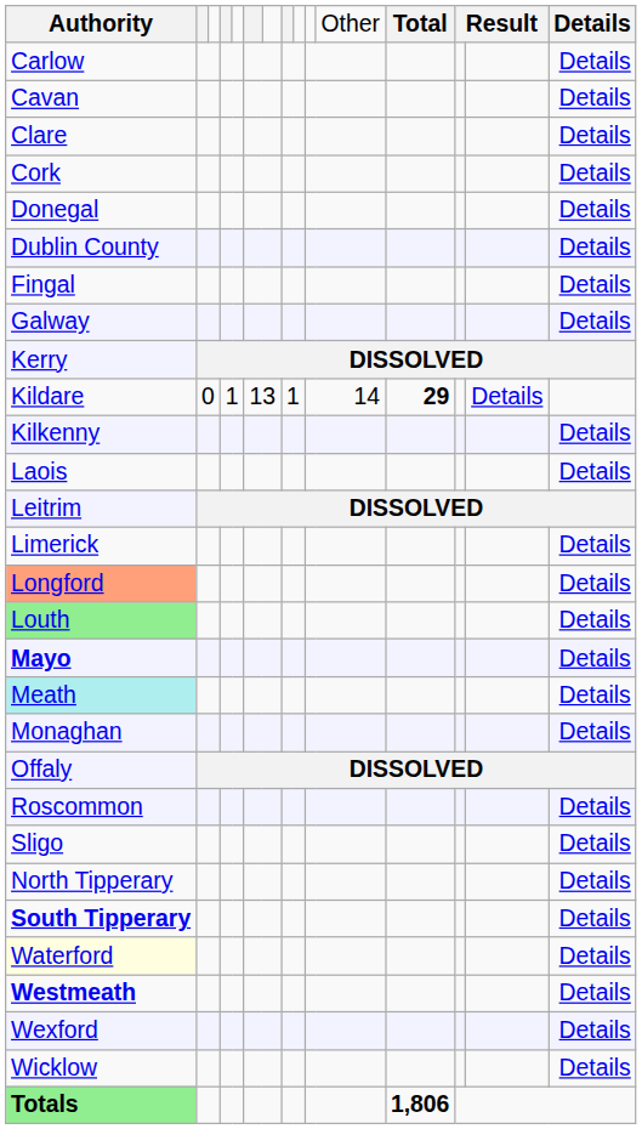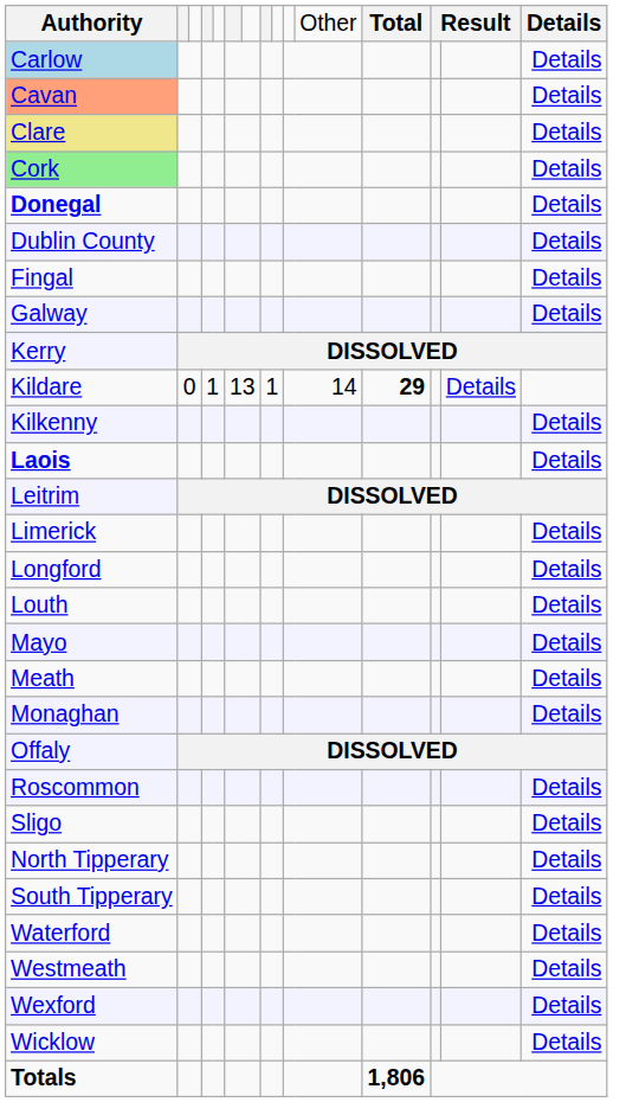 <table class="wikitable" style="text-align:right; padding-left:1em">
 <tr>
 <th align="left">Authority</th>
 <th style="background-color: "></th>
 <td><a href='#'></a></td>
 <th style="background-color: "></th>
 <td><a href='#'></a></td>
 <th style="background-color: "></th>
 <td><a href='#'></a></td>
 <th style="background-color: "></th>
 <td><a href='#'></a></td>
 <td></td>
 <td>Other</td>
 <th align="left">Total</th>
 <th colspan=2>Result</th>
 <th>Details</th>
 </tr>
 <tr>
-<td align=left><a href='#'>Carlow</a></td>
+<td align=left style="background: lightblue;"><a href='#'>Carlow</a></td>
 <td colspan=2></td>
 <td colspan=2></td>
 <td colspan=2></td>
 <td colspan=2></td>
 <td colspan=2></td>
 <td></td>
 <td></td>
 <td></td>
 <td><a href='#'>Details</a></td>
 </tr>
 <tr>
-<td align=left><a href='#'>Cavan</a></td>
+<td align=left style="background: lightsalmon;"><a href='#'>Cavan</a></td>
 <td colspan=2></td>
 <td colspan=2></td>
 <td colspan=2></td>
 <td colspan=2></td>
 <td colspan=2></td>
 <td></td>
 <td></td>
 <td></td>
 <td><a href='#'>Details</a></td>
 </tr>
 <tr>
-<td align=left><a href='#'>Clare</a></td>
+<td align=left style="background: khaki;"><a href='#'>Clare</a></td>
 <td colspan=2></td>
 <td colspan=2></td>
 <td colspan=2></td>
 <td colspan=2></td>
 <td colspan=2></td>
 <td></td>
 <td></td>
 <td></td>
 <td><a href='#'>Details</a></td>
 </tr>
 <tr>
-<td align=left><a href='#'>Cork</a></td>
+<td align=left style="background: lightgreen;"><a href='#'>Cork</a></td>
 <td colspan=2></td>
 <td colspan=2></td>
 <td colspan=2></td>
 <td colspan=2></td>
 <td colspan=2></td>
 <td></td>
 <td></td>
 <td></td>
 <td><a href='#'>Details</a></td>
 </tr>
 <tr>
-<td align=left><a href='#'>Donegal</a></td>
+<td align=left><strong><a href='#'>Donegal</a></strong></td>
 <td colspan=2></td>
 <td colspan=2></td>
 <td colspan=2></td>
 <td colspan=2></td>
 <td colspan=2></td>
 <td></td>
 <td></td>
 <td></td>
 <td><a href='#'>Details</a></td>
 </tr>
 <tr bgcolor=F3F3FF>
 <td align=left><a href='#'>Dublin County</a></td>
 <td colspan=2></td>
 <td colspan=2></td>
 <td colspan=2></td>
 <td colspan=2></td>
 <td colspan=2></td>
 <td></td>
 <td></td>
 <td></td>
 <td><a href='#'>Details</a></td>
 </tr>
 <tr>
 <td align=left><a href='#'>Fingal</a></td>
 <td colspan=2></td>
 <td colspan=2></td>
 <td colspan=2></td>
 <td colspan=2></td>
 <td colspan=2></td>
 <td></td>
 <td></td>
 <td></td>
 <td><a href='#'>Details</a></td>
 </tr>
 <tr bgcolor=F3F3FF>
 <td align=left><a href='#'>Galway</a></td>
 <td colspan=2></td>
 <td colspan=2></td>
 <td colspan=2></td>
 <td colspan=2></td>
 <td colspan=2></td>
 <td></td>
 <td></td>
 <td></td>
 <td><a href='#'>Details</a></td>
 </tr>
 <tr bgcolor=F3F3FF>
 <td align=left><a href='#'>Kerry</a></td>
 <th align="middle" colspan=14>DISSOLVED</th>
 </tr>
 <tr>
 <td align=left><a href='#'>Kildare</a></td>
 <td colspan=2>0</td>
 <td colspan=2>1</td>
 <td colspan=2>13</td>
 <td colspan=2>1</td>
 <td colspan=2>14</td>
 <td><strong>29</strong></td>
 <td></td>
 <td><a href='#'>Details</a></td>
 </tr>
 <tr bgcolor=F3F3FF>
 <td align=left><a href='#'>Kilkenny</a></td>
 <td colspan=2></td>
 <td colspan=2></td>
 <td colspan=2></td>
 <td colspan=2></td>
 <td colspan=2></td>
 <td></td>
 <td></td>
 <td></td>
 <td><a href='#'>Details</a></td>
 </tr>
 <tr>
-<td align=left><a href='#'>Laois</a></td>
+<td align=left><strong><a href='#'>Laois</a></strong></td>
 <td colspan=2></td>
 <td colspan=2></td>
 <td colspan=2></td>
 <td colspan=2></td>
 <td colspan=2></td>
 <td></td>
 <td></td>
 <td></td>
 <td><a href='#'>Details</a></td>
 </tr>
 <tr bgcolor=F3F3FF>
 <td align=left><a href='#'>Leitrim</a></td>
 <th align="middle" colspan=14>DISSOLVED</th>
 </tr>
 <tr>
 <td align=left><a href='#'>Limerick</a></td>
 <td colspan=2></td>
 <td colspan=2></td>
 <td colspan=2></td>
 <td colspan=2></td>
 <td colspan=2></td>
 <td></td>
 <td></td>
 <td></td>
 <td><a href='#'>Details</a></td>
 </tr>
 <tr>
-<td align=left style="background: lightsalmon;"><a href='#'>Longford</a></td>
+<td align=left><a href='#'>Longford</a></td>
 <td colspan=2></td>
 <td colspan=2></td>
 <td colspan=2></td>
 <td colspan=2></td>
 <td colspan=2></td>
 <td></td>
 <td></td>
 <td></td>
 <td><a href='#'>Details</a></td>
 </tr>
 <tr>
-<td align=left style="background: lightgreen;"><a href='#'>Louth</a></td>
+<td align=left><a href='#'>Louth</a></td>
 <td colspan=2></td>
 <td colspan=2></td>
 <td colspan=2></td>
 <td colspan=2></td>
 <td colspan=2></td>
 <td></td>
 <td></td>
 <td></td>
 <td><a href='#'>Details</a></td>
 </tr>
 <tr bgcolor=F3F3FF>
-<td align=left><strong><a href='#'>Mayo</a></strong></td>
+<td align=left><a href='#'>Mayo</a></td>
 <td colspan=2></td>
 <td colspan=2></td>
 <td colspan=2></td>
 <td colspan=2></td>
 <td colspan=2></td>
 <td></td>
 <td></td>
 <td></td>
 <td><a href='#'>Details</a></td>
 </tr>
 <tr>
-<td align=left style="background: paleturquoise;"><a href='#'>Meath</a></td>
+<td align=left><a href='#'>Meath</a></td>
 <td colspan=2></td>
 <td colspan=2></td>
 <td colspan=2></td>
 <td colspan=2></td>
 <td colspan=2></td>
 <td></td>
 <td></td>
 <td></td>
 <td><a href='#'>Details</a></td>
 </tr>
 <tr bgcolor=F3F3FF>
 <td align=left><a href='#'>Monaghan</a></td>
 <td colspan=2></td>
 <td colspan=2></td>
 <td colspan=2></td>
 <td colspan=2></td>
 <td colspan=2></td>
 <td></td>
 <td></td>
 <td></td>
 <td><a href='#'>Details</a></td>
 </tr>
 <tr bgcolor=F3F3FF>
 <td align=left><a href='#'>Offaly</a></td>
 <th align="middle" colspan=14>DISSOLVED</th>
 </tr>
 <tr bgcolor=F3F3FF>
 <td align=left><a href='#'>Roscommon</a></td>
 <td colspan=2></td>
 <td colspan=2></td>
 <td colspan=2></td>
 <td colspan=2></td>
 <td colspan=2></td>
 <td></td>
 <td></td>
 <td></td>
 <td><a href='#'>Details</a></td>
 </tr>
 <tr>
 <td align=left><a href='#'>Sligo</a></td>
 <td colspan=2></td>
 <td colspan=2></td>
 <td colspan=2></td>
 <td colspan=2></td>
 <td colspan=2></td>
 <td></td>
 <td></td>
 <td></td>
 <td><a href='#'>Details</a></td>
 </tr>
 <tr>
 <td align=left><a href='#'>North Tipperary</a></td>
 <td colspan=2></td>
 <td colspan=2></td>
 <td colspan=2></td>
 <td colspan=2></td>
 <td colspan=2></td>
 <td></td>
 <td></td>
 <td></td>
 <td><a href='#'>Details</a></td>
 </tr>
 <tr>
-<td align=left><strong><a href='#'>South Tipperary</a></strong></td>
+<td align=left><a href='#'>South Tipperary</a></td>
 <td colspan=2></td>
 <td colspan=2></td>
 <td colspan=2></td>
 <td colspan=2></td>
 <td colspan=2></td>
 <td></td>
 <td></td>
 <td></td>
 <td><a href='#'>Details</a></td>
 </tr>
 <tr>
-<td align=left style="background: lightyellow;"><a href='#'>Waterford</a></td>
+<td align=left><a href='#'>Waterford</a></td>
 <td colspan=2></td>
 <td colspan=2></td>
 <td colspan=2></td>
 <td colspan=2></td>
 <td colspan=2></td>
 <td></td>
 <td></td>
 <td></td>
 <td><a href='#'>Details</a></td>
 </tr>
 <tr>
-<td align=left><strong><a href='#'>Westmeath</a></strong></td>
+<td align=left><a href='#'>Westmeath</a></td>
 <td colspan=2></td>
 <td colspan=2></td>
 <td colspan=2></td>
 <td colspan=2></td>
 <td colspan=2></td>
 <td></td>
 <td></td>
 <td></td>
 <td><a href='#'>Details</a></td>
 </tr>
 <tr bgcolor=F3F3FF>
 <td align=left><a href='#'>Wexford</a></td>
 <td colspan=2></td>
 <td colspan=2></td>
 <td colspan=2></td>
 <td colspan=2></td>
 <td colspan=2></td>
 <td></td>
 <td></td>
 <td></td>
 <td><a href='#'>Details</a></td>
 </tr>
 <tr>
 <td align=left><a href='#'>Wicklow</a></td>
 <td colspan=2></td>
 <td colspan=2></td>
 <td colspan=2></td>
 <td colspan=2></td>
 <td colspan=2></td>
 <td></td>
 <td></td>
 <td></td>
 <td><a href='#'>Details</a></td>
 </tr>
 <tr>
-<td align=left style="background: lightgreen;"><strong>Totals</strong></td>
+<td align=left><strong>Totals</strong></td>
 <td colspan=2></td>
 <td colspan=2></td>
 <td colspan=2></td>
 <td colspan=2></td>
 <td colspan=2></td>
 <td><strong>1,806</strong></td>
 </tr>
 </table>
